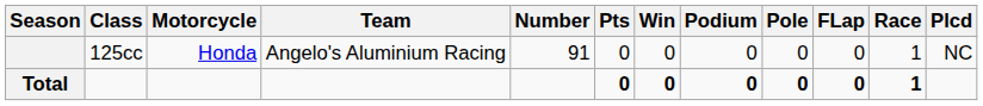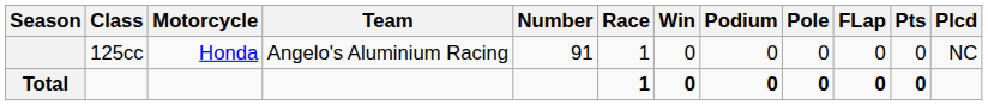 <table class="wikitable">
 <tr>
 <th>Season</th>
 <th>Class</th>
 <th>Motorcycle</th>
 <th>Team</th>
 <th>Number</th>
-<th>Pts</th>
+<th>Race</th>
 <th>Win</th>
 <th>Podium</th>
 <th>Pole</th>
 <th>FLap</th>
-<th>Race</th>
+<th>Pts</th>
 <th>Plcd</th>
 </tr>
 <tr align="right">
 <th></th>
 <td>125cc</td>
 <td><a href='#'>Honda</a></td>
 <td>Angelo's Aluminium Racing</td>
 <td>91</td>
+<td>1</td>
 <td>0</td>
 <td>0</td>
 <td>0</td>
 <td>0</td>
 <td>0</td>
-<td>1</td>
 <td>NC</td>
 </tr>
 <tr align="right">
 <th>Total</th>
 <td></td>
 <td></td>
 <td></td>
 <td></td>
+<td><strong>1</strong></td>
 <td><strong>0</strong></td>
 <td><strong>0</strong></td>
 <td><strong>0</strong></td>
 <td><strong>0</strong></td>
 <td><strong>0</strong></td>
-<td><strong>1</strong></td>
 <td></td>
 </tr>
 </table>
